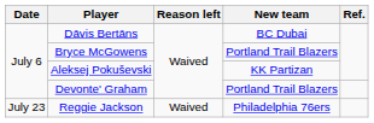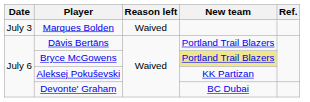 <table class="wikitable sortable sortable" style="text-align: center">
 <tr>
 <th>Date</th>
 <th>Player</th>
 <th>Reason left</th>
 <th>New team</th>
 <th>Ref.</th>
 </tr>
 <tr>
+<td>July 3</td>
+<td><a href='#'>Marques Bolden</a></td>
+<td>Waived</td>
+<td></td>
+<td></td>
+</tr>
+<tr>
 <td rowspan=4>July 6</td>
 <td><a href='#'>Dāvis Bertāns</a></td>
 <td rowspan=4>Waived</td>
-<td> <a href='#'>BC Dubai</a></td>
+<td><a href='#'>Portland Trail Blazers</a></td>
 <td rowspan=3></td>
 </tr>
 <tr>
 <td><a href='#'>Bryce McGowens</a></td>
-<td><a href='#'>Portland Trail Blazers</a></td>
+<td style="background: khaki;"><a href='#'>Portland Trail Blazers</a></td>
 </tr>
 <tr>
 <td><a href='#'>Aleksej Pokuševski</a></td>
 <td> <a href='#'>KK Partizan</a></td>
 </tr>
 <tr>
 <td><a href='#'>Devonte' Graham</a></td>
-<td><a href='#'>Portland Trail Blazers</a></td>
-<td></td>
-</tr>
-<tr>
-<td>July 23</td>
-<td><a href='#'>Reggie Jackson</a></td>
-<td>Waived</td>
-<td><a href='#'>Philadelphia 76ers</a></td>
+<td> <a href='#'>BC Dubai</a></td>
 <td></td>
 </tr>
 </table>
